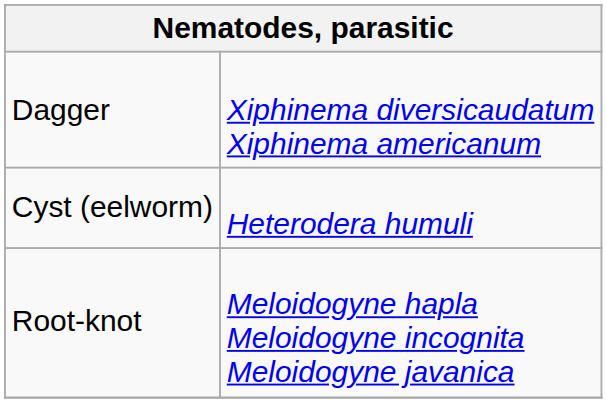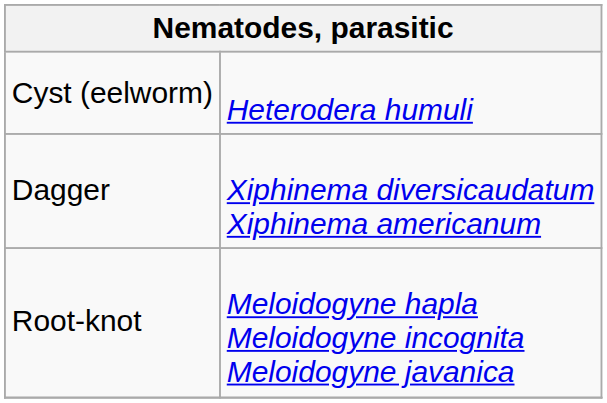 <table class="wikitable" style="clear">
 <tr>
 <th colspan=2><strong>Nematodes, parasitic</strong><br></th>
 </tr>
 <tr>
+<td>Cyst (eelworm)</td>
+<td><br><em><a href='#'>Heterodera humuli</a></em></td>
+</tr>
+<tr>
 <td>Dagger</td>
 <td><br><em><a href='#'>Xiphinema diversicaudatum</a></em><br> <em><a href='#'>Xiphinema americanum</a></em></td>
-</tr>
-<tr>
-<td>Cyst (eelworm)</td>
-<td><br><em><a href='#'>Heterodera humuli</a></em></td>
 </tr>
 <tr>
 <td>Root-knot</td>
 <td><br><em><a href='#'>Meloidogyne hapla</a></em><br> <em><a href='#'>Meloidogyne incognita</a></em><br> <em><a href='#'>Meloidogyne javanica</a></em></td>
 </tr>
 <tr>
 </tr>
 </table>
